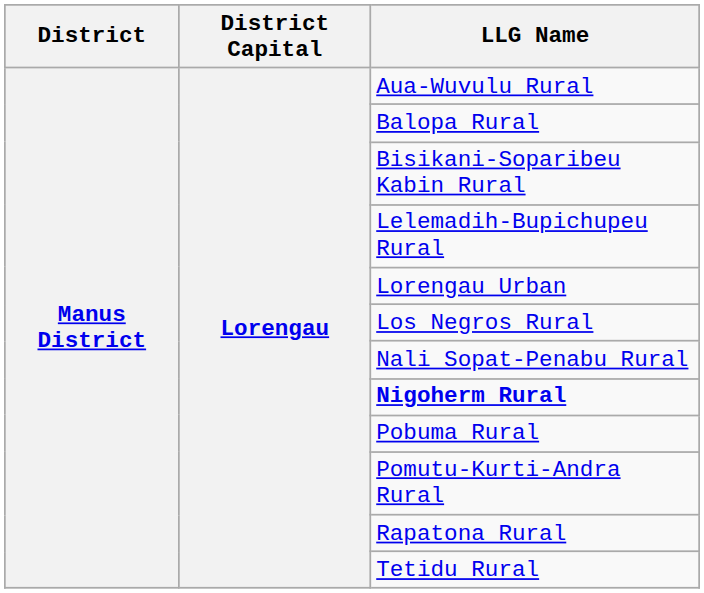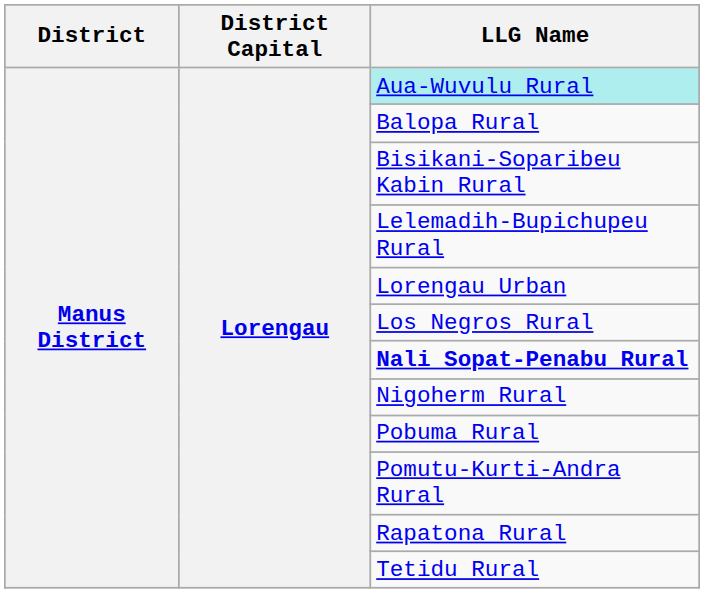 <table class="wikitable" style="text-align: left;" width="400">
 <tr>
 <th>District</th>
 <th>District Capital</th>
 <th>LLG Name</th>
 </tr>
 <tr>
 <th rowspan="12"><a href='#'>Manus District</a></th>
 <th rowspan="12"><a href='#'>Lorengau</a></th>
-<td><a href='#'>Aua-Wuvulu Rural</a></td>
+<td style="background: paleturquoise;"><a href='#'>Aua-Wuvulu Rural</a></td>
 </tr>
 <tr>
 <td><a href='#'>Balopa Rural</a></td>
 </tr>
 <tr>
 <td><a href='#'>Bisikani-Soparibeu Kabin Rural</a></td>
 </tr>
 <tr>
 <td><a href='#'>Lelemadih-Bupichupeu Rural</a></td>
 </tr>
 <tr>
 <td><a href='#'>Lorengau Urban</a></td>
 </tr>
 <tr>
 <td><a href='#'>Los Negros Rural</a></td>
 </tr>
 <tr>
-<td><a href='#'>Nali Sopat-Penabu Rural</a></td>
+<td><strong><a href='#'>Nali Sopat-Penabu Rural</a></strong></td>
 </tr>
 <tr>
-<td><strong><a href='#'>Nigoherm Rural</a></strong></td>
+<td><a href='#'>Nigoherm Rural</a></td>
 </tr>
 <tr>
 <td><a href='#'>Pobuma Rural</a></td>
 </tr>
 <tr>
 <td><a href='#'>Pomutu-Kurti-Andra Rural</a></td>
 </tr>
 <tr>
 <td><a href='#'>Rapatona Rural</a></td>
 </tr>
 <tr>
 <td><a href='#'>Tetidu Rural</a></td>
 </tr>
 </table>
